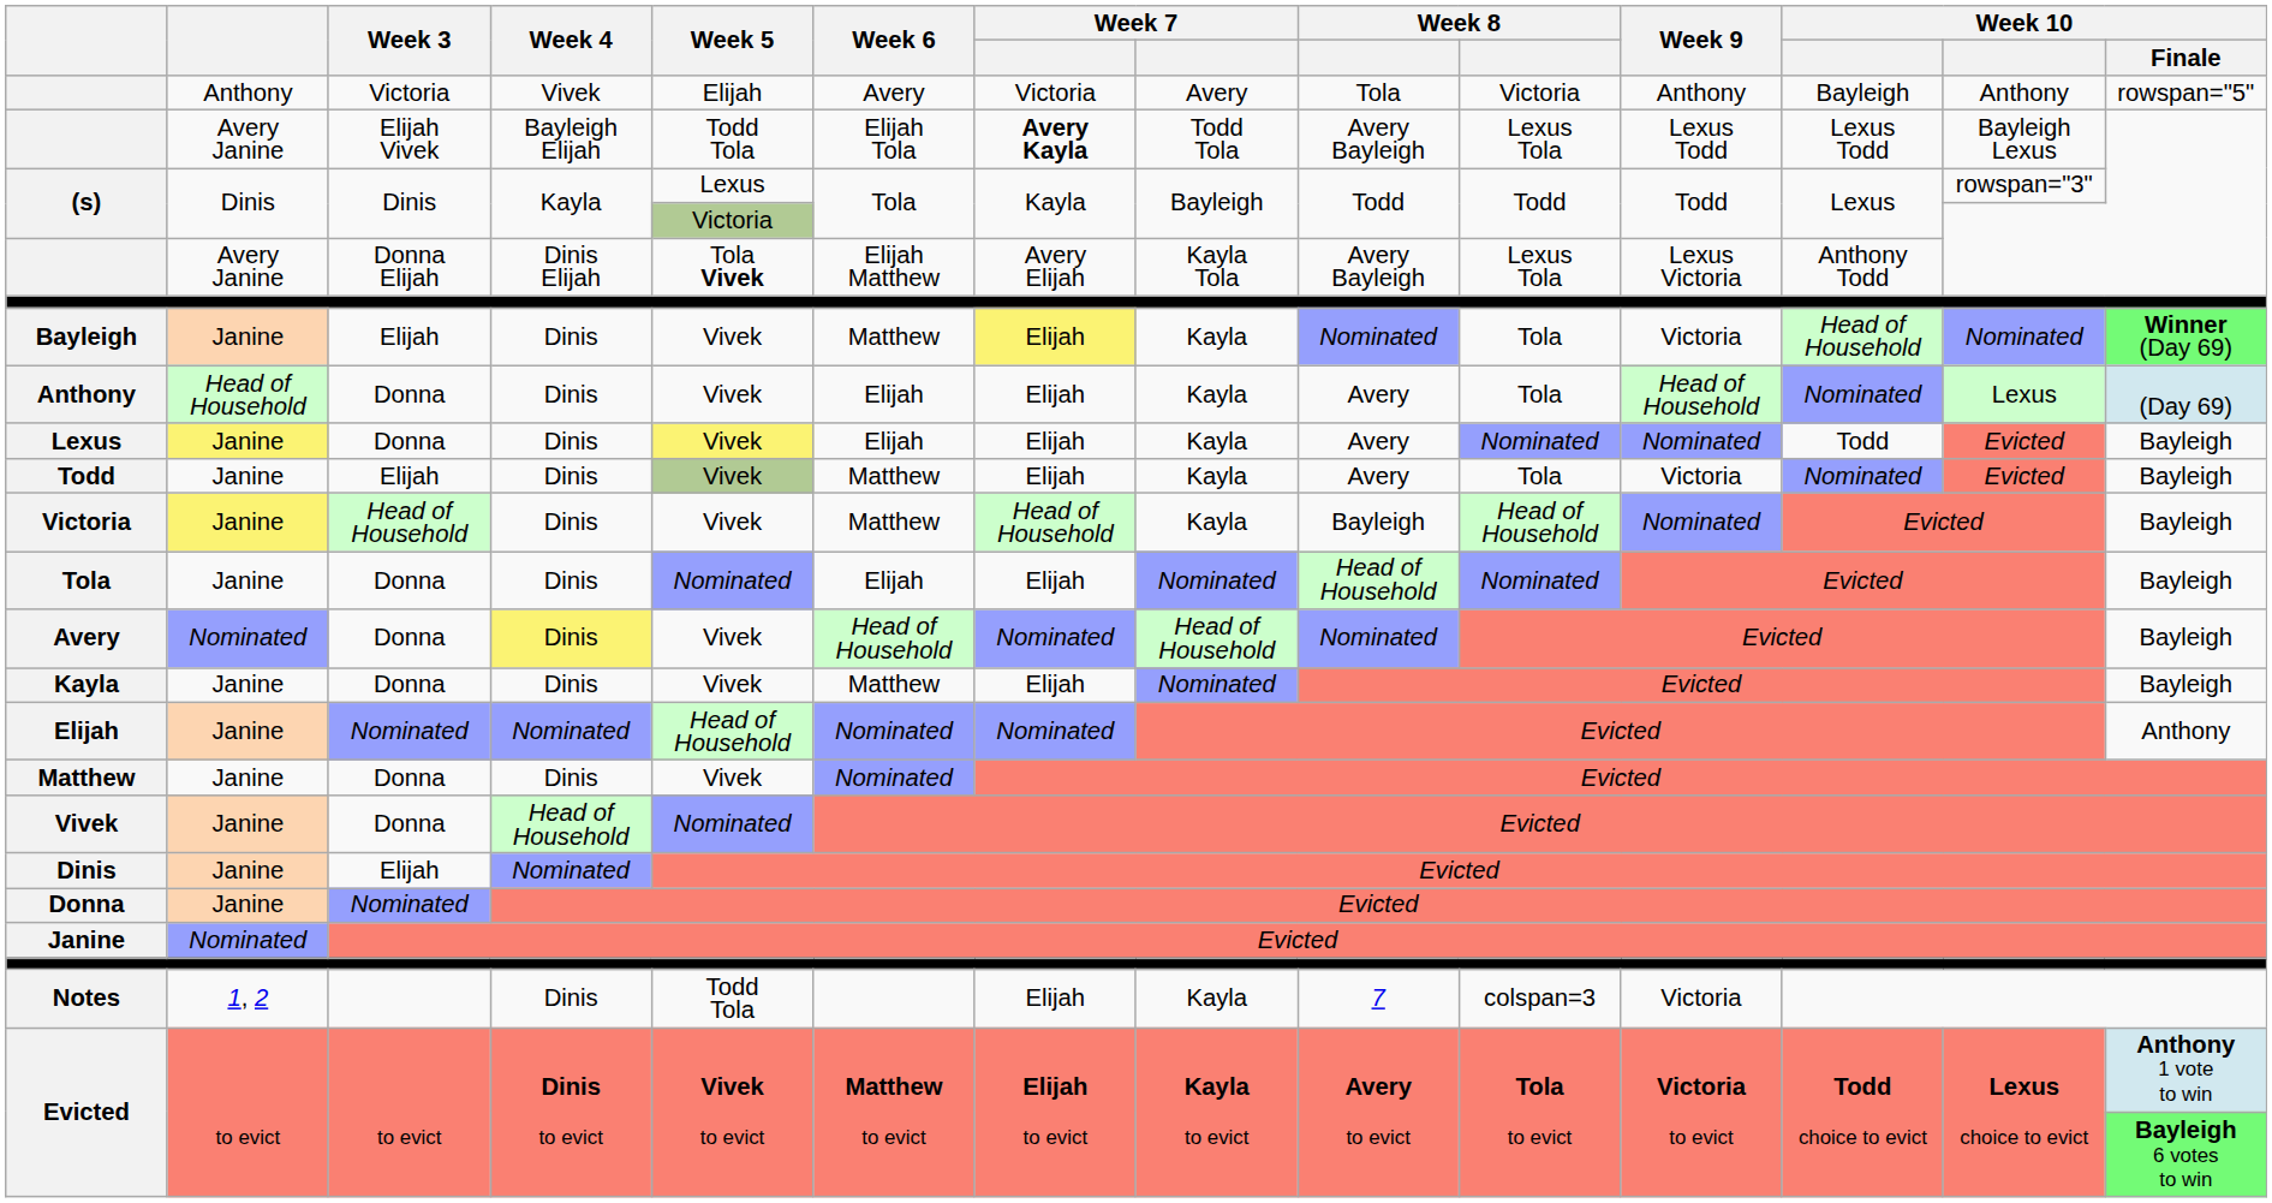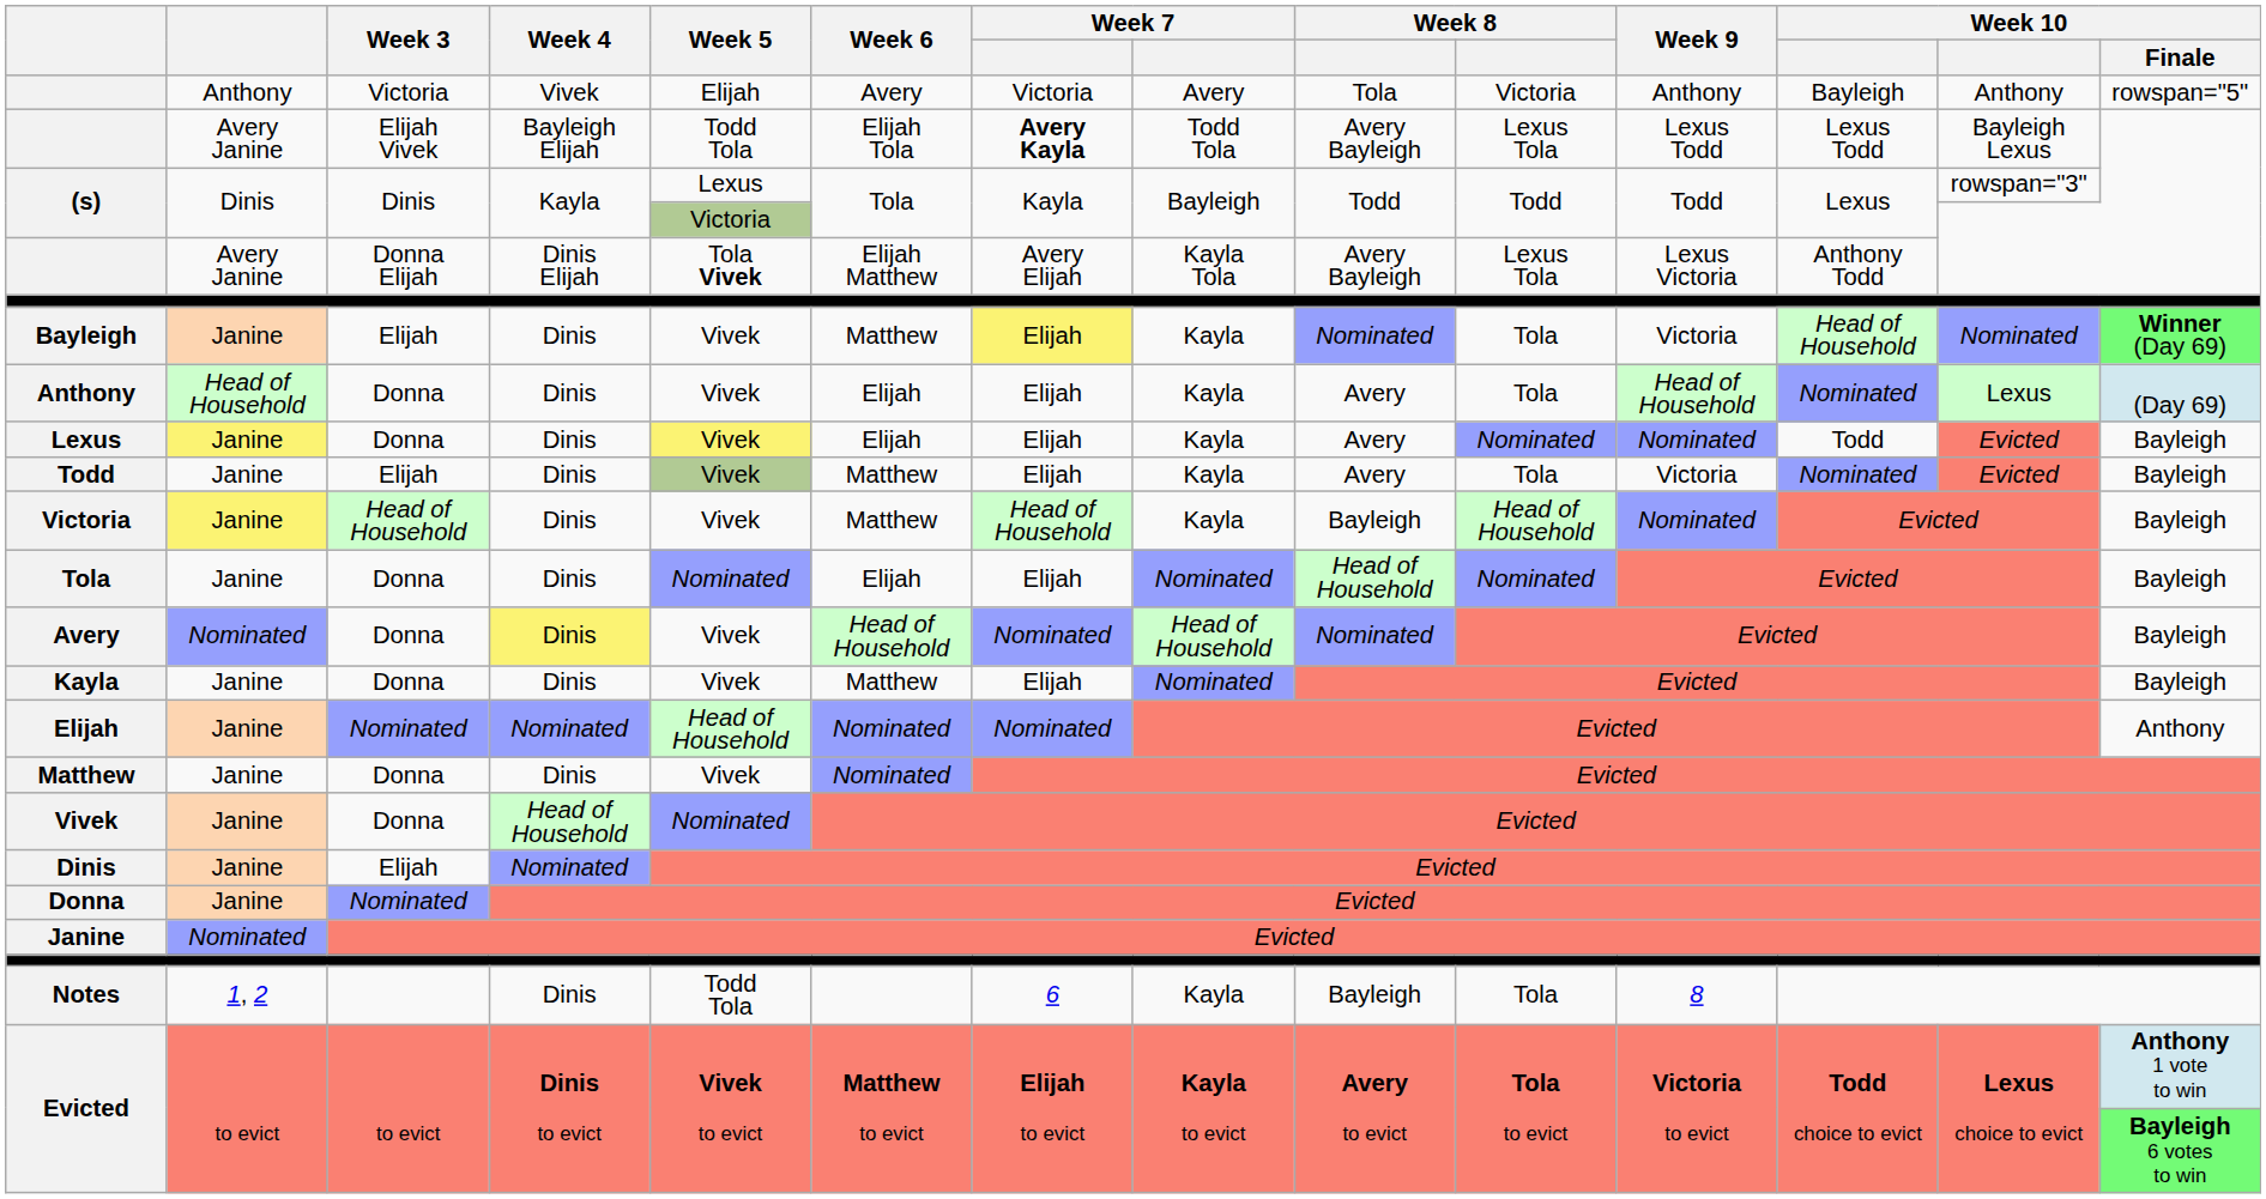 <table class="wikitable" style="width:100%; text-align:center; font-size:85%; line-height:13px;">
 <tr>
 <th rowspan="2" style="width:7%"></th>
 <th rowspan="2" style="width:7%"></th>
 <th rowspan="2" style="width:7%">Week 3</th>
 <th rowspan="2" style="width:7%">Week 4</th>
 <th rowspan="2" style="width:7%">Week 5</th>
 <th rowspan="2" style="width:7%">Week 6</th>
 <th colspan="2" style="width:7%">Week 7</th>
 <th colspan="2" style="width:7%">Week 8</th>
 <th rowspan="2" style="width:7%">Week 9</th>
 <th colspan="3" style="width:7%">Week 10</th>
 </tr>
 <tr>
 <th style="width:7%"></th>
 <th style="width:7%"></th>
 <th style="width:7%"></th>
 <th style="width:7%"></th>
 <th style="width:7%"></th>
 <th style="width:7%"></th>
 <th style="width:7%">Finale</th>
 </tr>
 <tr>
 <th></th>
 <td>Anthony</td>
 <td>Victoria</td>
 <td>Vivek</td>
 <td>Elijah</td>
 <td>Avery</td>
 <td>Victoria</td>
 <td>Avery</td>
 <td>Tola</td>
 <td>Victoria</td>
 <td>Anthony</td>
 <td>Bayleigh</td>
 <td>Anthony</td>
 <td>rowspan="5" </td>
 </tr>
 <tr>
 <th></th>
 <td>Avery<br>Janine</td>
 <td>Elijah<br>Vivek</td>
 <td>Bayleigh<br>Elijah</td>
 <td>Todd<br>Tola</td>
 <td>Elijah<br>Tola</td>
 <td><strong>Avery</strong><br><strong>Kayla</strong></td>
 <td>Todd<br>Tola</td>
 <td>Avery<br>Bayleigh</td>
 <td>Lexus<br>Tola</td>
 <td>Lexus<br>Todd</td>
 <td>Lexus<br>Todd</td>
 <td>Bayleigh<br>Lexus</td>
 </tr>
 <tr>
 <th rowspan=2>(s)</th>
 <td rowspan=2>Dinis</td>
 <td rowspan=2>Dinis</td>
 <td rowspan=2>Kayla</td>
 <td>Lexus</td>
 <td rowspan=2>Tola</td>
 <td rowspan=2>Kayla</td>
 <td rowspan=2>Bayleigh</td>
 <td rowspan=2>Todd</td>
 <td rowspan=2>Todd</td>
 <td rowspan=2>Todd</td>
 <td rowspan=2>Lexus</td>
 <td>rowspan="3" </td>
 </tr>
 <tr>
 <td style="background:#B1CA94">Victoria</td>
 </tr>
 <tr>
 <th></th>
 <td>Avery<br>Janine</td>
 <td>Donna<br>Elijah</td>
 <td>Dinis<br>Elijah</td>
 <td>Tola <br> <strong>Vivek</strong></td>
 <td>Elijah<br>Matthew</td>
 <td>Avery<br>Elijah</td>
 <td>Kayla<br>Tola</td>
 <td>Avery<br>Bayleigh</td>
 <td>Lexus<br>Tola</td>
 <td>Lexus<br>Victoria</td>
 <td>Anthony<br>Todd</td>
 </tr>
 <tr>
 <th colspan="14" style="background:#000"></th>
 </tr>
 <tr>
 <th>Bayleigh</th>
 <td style="background:#FDD5B1;">Janine</td>
 <td>Elijah</td>
 <td>Dinis</td>
 <td>Vivek</td>
 <td>Matthew</td>
 <td style="background:#FBF373;">Elijah</td>
 <td>Kayla</td>
 <td style="background:#959FFD"><em>Nominated</em></td>
 <td>Tola</td>
 <td>Victoria</td>
 <td style="background:#cfc"><em>Head of<br>Household</em></td>
 <td style="background:#959FFD"><em>Nominated</em></td>
 <td style="background:#73fb76;"><strong>Winner</strong><br>(Day 69)</td>
 </tr>
 <tr>
 <th>Anthony</th>
 <td style="background:#cfc"><em>Head of<br>Household</em></td>
 <td>Donna</td>
 <td>Dinis</td>
 <td>Vivek</td>
 <td>Elijah</td>
 <td>Elijah</td>
 <td>Kayla</td>
 <td>Avery</td>
 <td>Tola</td>
 <td style="background:#cfc"><em>Head of<br>Household</em></td>
 <td style="background:#959FFD"><em>Nominated</em></td>
 <td style="background:#cfc">Lexus</td>
 <td style="background:#d1e8ef;"><br>(Day 69)</td>
 </tr>
 <tr>
 <th>Lexus</th>
 <td style="background:#FBF373;">Janine</td>
 <td>Donna</td>
 <td>Dinis</td>
 <td style="background:#FBF373;">Vivek</td>
 <td>Elijah</td>
 <td>Elijah</td>
 <td>Kayla</td>
 <td>Avery</td>
 <td style="background:#959FFD"><em>Nominated</em></td>
 <td style="background:#959FFD"><em>Nominated</em></td>
 <td>Todd</td>
 <td style="background:salmon"><em>Evicted</em><br></td>
 <td>Bayleigh</td>
 </tr>
 <tr>
 <th>Todd</th>
 <td>Janine</td>
 <td>Elijah</td>
 <td>Dinis</td>
 <td style="background:#B1CA94">Vivek</td>
 <td>Matthew</td>
 <td>Elijah</td>
 <td>Kayla</td>
 <td>Avery</td>
 <td>Tola</td>
 <td>Victoria</td>
 <td style="background:#959FFD"><em>Nominated</em></td>
 <td style="background:salmon"><em>Evicted</em><br></td>
 <td>Bayleigh</td>
 </tr>
 <tr>
 <th>Victoria</th>
 <td style="background:#FBF373;">Janine</td>
 <td style="background:#cfc"><em>Head of<br>Household</em></td>
 <td>Dinis</td>
 <td>Vivek</td>
 <td>Matthew</td>
 <td style="background:#cfc"><em>Head of<br>Household</em></td>
 <td>Kayla</td>
 <td>Bayleigh</td>
 <td style="background:#cfc"><em>Head of<br>Household</em></td>
 <td style="background:#959FFD"><em>Nominated</em></td>
 <td style="background:salmon" colspan="2"><em>Evicted</em><br></td>
 <td>Bayleigh</td>
 </tr>
 <tr>
 <th>Tola</th>
 <td>Janine</td>
 <td>Donna</td>
 <td>Dinis</td>
 <td style="background:#959FFD"><em>Nominated</em></td>
 <td>Elijah</td>
 <td>Elijah</td>
 <td style="background:#959FFD"><em>Nominated</em></td>
 <td style="background:#cfc"><em>Head of<br>Household</em></td>
 <td style="background:#959FFD"><em>Nominated</em></td>
 <td style="background:salmon" colspan="3"><em>Evicted</em><br></td>
 <td>Bayleigh</td>
 </tr>
 <tr>
 <th>Avery</th>
 <td style="background:#959FFD"><em>Nominated</em></td>
 <td>Donna</td>
 <td style="background:#FBF373;">Dinis</td>
 <td>Vivek</td>
 <td style="background:#cfc"><em>Head of<br>Household</em></td>
 <td style="background:#959FFD"><em>Nominated</em></td>
 <td style="background:#cfc"><em>Head of<br>Household</em></td>
 <td style="background:#959FFD"><em>Nominated</em></td>
 <td style="background:salmon" colspan="4"><em>Evicted</em><br></td>
 <td>Bayleigh</td>
 </tr>
 <tr>
 <th>Kayla</th>
 <td>Janine</td>
 <td>Donna</td>
 <td>Dinis</td>
 <td>Vivek</td>
 <td>Matthew</td>
 <td>Elijah</td>
 <td style="background:#959FFD"><em>Nominated</em></td>
 <td style="background:salmon" colspan="5"><em>Evicted</em><br></td>
 <td>Bayleigh</td>
 </tr>
 <tr>
 <th>Elijah</th>
 <td style="background:#FDD5B1;">Janine</td>
 <td style="background:#959FFD"><em>Nominated</em></td>
 <td style="background:#959FFD"><em>Nominated</em></td>
 <td style="background:#cfc"><em>Head of<br>Household</em></td>
 <td style="background:#959FFD"><em>Nominated</em></td>
 <td style="background:#959FFD"><em>Nominated</em></td>
 <td style="background:salmon" colspan="6"><em>Evicted</em><br></td>
 <td>Anthony</td>
 </tr>
 <tr>
 <th>Matthew</th>
 <td>Janine</td>
 <td>Donna</td>
 <td>Dinis</td>
 <td>Vivek</td>
 <td style="background:#959FFD"><em>Nominated</em></td>
 <td colspan="8" style="background:salmon"><em>Evicted</em><br></td>
 </tr>
 <tr>
 <th>Vivek</th>
 <td style="background:#FDD5B1;">Janine</td>
 <td>Donna</td>
 <td style="background:#cfc"><em>Head of<br>Household</em></td>
 <td style="background:#959FFD"><em>Nominated</em></td>
 <td colspan="9" style="background:salmon"><em>Evicted</em><br></td>
 </tr>
 <tr>
 <th>Dinis</th>
 <td style="background:#FDD5B1;">Janine</td>
 <td>Elijah</td>
 <td style="background:#959FFD"><em>Nominated</em></td>
 <td colspan="10" style="background:salmon"><em>Evicted</em><br></td>
 </tr>
 <tr>
 <th>Donna</th>
 <td style="background:#FDD5B1;">Janine</td>
 <td style="background:#959FFD"><em>Nominated</em></td>
 <td colspan="11" style="background:salmon"><em>Evicted</em><br></td>
 </tr>
 <tr>
 <th>Janine</th>
 <td style="background:#959FFD"><em>Nominated</em></td>
 <td colspan="12" style="background:salmon"><em>Evicted</em><br></td>
 </tr>
 <tr>
 <th colspan="14" style="background:#000"></th>
 </tr>
 <tr>
 <th>Notes</th>
 <td><em><a href='#'>1</a></em>, <em><a href='#'>2</a></em></td>
 <td></td>
 <td>Dinis</td>
 <td>Todd<br>Tola</td>
 <td></td>
-<td>Elijah</td>
+<td><em><a href='#'>6</a></em></td>
 <td>Kayla</td>
-<td><em><a href='#'>7</a></em></td>
-<td>colspan=3 </td>
-<td>Victoria</td>
+<td>Bayleigh</td>
+<td>Tola</td>
+<td><em><a href='#'>8</a></em></td>
 </tr>
 <tr>
 <th rowspan="2">Evicted</th>
 <td rowspan="2" style="background:#FA8072"><strong></strong><br><small><br>to evict</small></td>
 <td rowspan="2" style="background:#FA8072"><strong></strong><br><small><br>to evict</small></td>
 <td rowspan="2" style="background:#FA8072"><strong>Dinis</strong> <br><small><br>to evict</small></td>
 <td rowspan="2" style="background:#FA8072"><strong>Vivek</strong> <br><small><br>to evict</small></td>
 <td rowspan="2" style="background:#FA8072"><strong>Matthew</strong> <br><small><br>to evict</small></td>
 <td rowspan="2" style="background:#FA8072"><strong>Elijah</strong> <br><small><br>to evict</small></td>
 <td rowspan="2" style="background:#FA8072"><strong>Kayla</strong> <br><small><br>to evict</small></td>
 <td rowspan="2" style="background:#FA8072"><strong>Avery</strong> <br><small><br>to evict</small></td>
 <td rowspan="2" style="background:#FA8072"><strong>Tola</strong> <br><small><br>to evict</small></td>
 <td rowspan="2" style="background:#FA8072"><strong>Victoria</strong> <br><small><br>to evict</small></td>
 <td rowspan="2" style="background:#FA8072"><strong>Todd</strong><br><small><br>choice to evict</small></td>
 <td rowspan="2" style="background:#FA8072"><strong>Lexus</strong><br><small><br>choice to evict</small></td>
 <td style="background:#d1e8ef;"><strong>Anthony</strong><br><small>1 vote<br>to win</small></td>
 </tr>
 <tr>
 <td rowspan="2" style="background:#73fb76;"><strong>Bayleigh</strong><br><small>6 votes<br>to win</small></td>
 </tr>
 </table>
